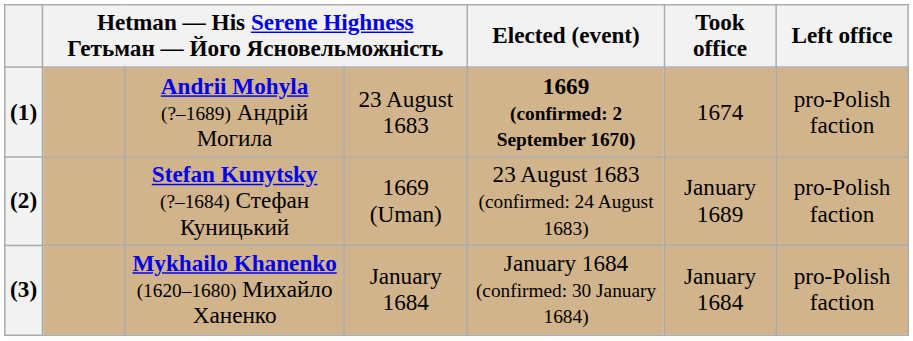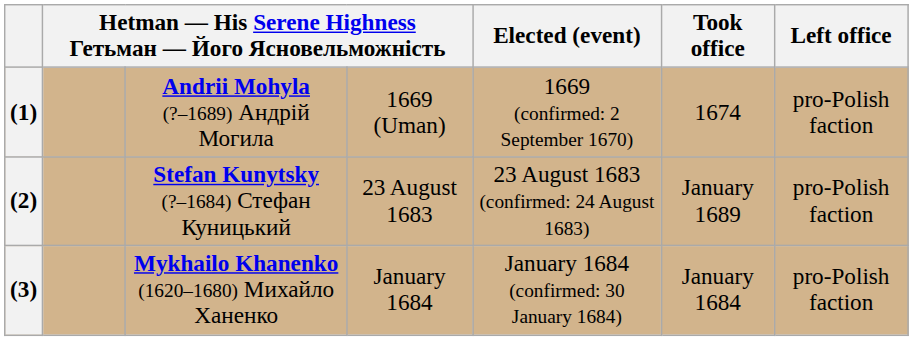 <table class="wikitable" width="100%" style="text-align:center;">
 <tr>
 <th></th>
 <th colspan="3">Hetman — His <a href='#'>Serene Highness</a><br><strong>Гетьман — Його Ясновельможність</strong></th>
 <th>Elected (event)</th>
 <th>Took office</th>
 <th>Left office</th>
 </tr>
 <tr bgcolor="tan">
 <th style="background:">(1)</th>
 <td width="50px"></td>
 <td><strong><a href='#'>Andrii Mohyla</a></strong><br><small>(?–1689)</small> Андрій Могила</td>
-<td>23 August 1683</td>
-<td><strong>1669<br><small>(confirmed: 2 September 1670)</small></strong></td>
+<td>1669 (Uman)</td>
+<td>1669<br><small>(confirmed: 2 September 1670)</small></td>
 <td>1674</td>
 <td>pro-Polish faction</td>
 </tr>
 <tr bgcolor="tan">
 <th style="background:">(2)</th>
 <td width="50px"></td>
 <td><strong><a href='#'>Stefan Kunytsky</a></strong><br><small>(?–1684)</small> Стефан Куницький</td>
-<td>1669 (Uman)</td>
+<td>23 August 1683</td>
 <td>23 August 1683<br><small>(confirmed: 24 August 1683)</small></td>
 <td>January 1689</td>
 <td>pro-Polish faction</td>
 </tr>
 <tr bgcolor="tan">
 <th style="background:">(3)</th>
 <td width="50px"></td>
 <td><strong><a href='#'>Mykhailo Khanenko</a></strong><br><small>(1620–1680)</small> Михайло Ханенко</td>
 <td>January 1684</td>
 <td>January 1684<br><small>(confirmed: 30 January 1684)</small></td>
 <td>January 1684</td>
 <td>pro-Polish faction</td>
 </tr>
 </table>
